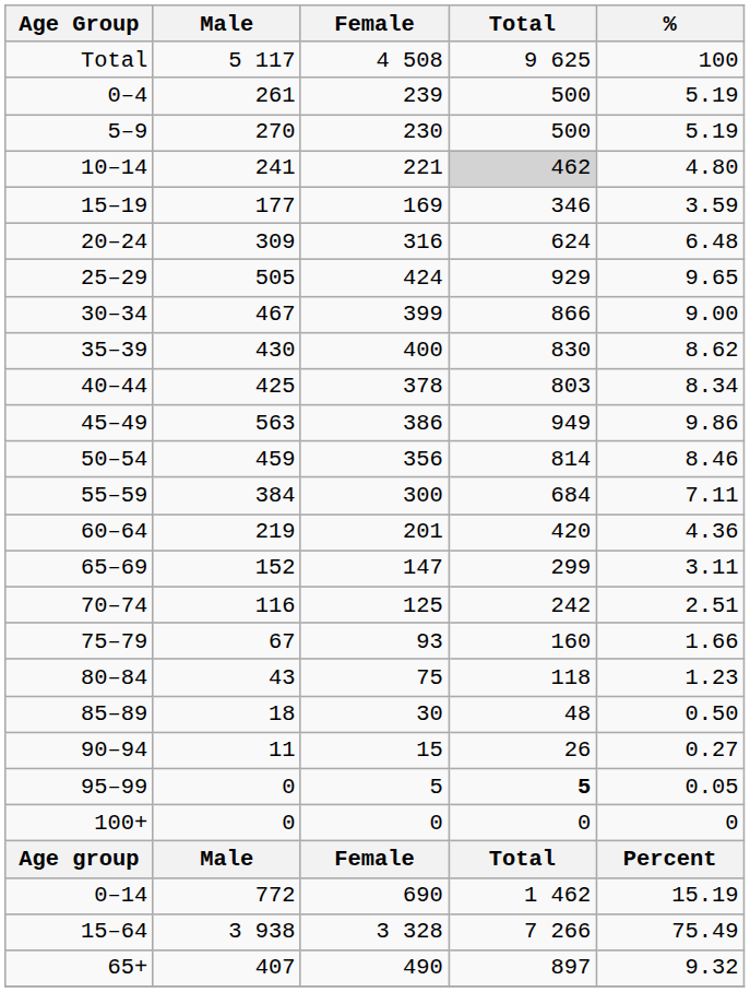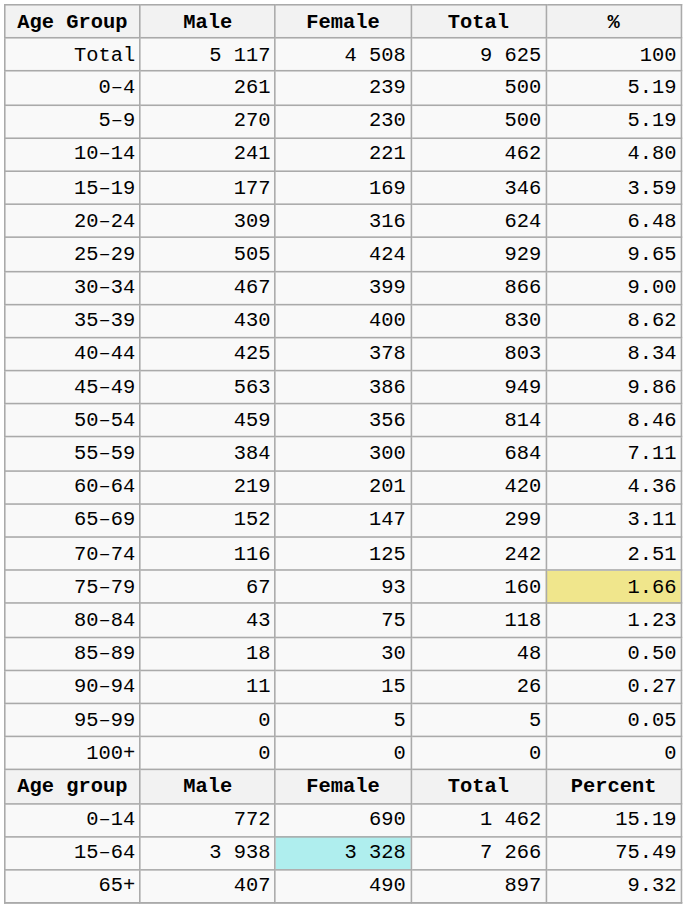 <table class="wikitable">
 <tr>
 <th width="80pt">Age Group</th>
 <th width="80pt">Male</th>
 <th width="80pt">Female</th>
 <th width="80pt">Total</th>
 <th width="80pt">%</th>
 </tr>
 <tr>
 <td align="right">Total</td>
 <td align="right">5 117</td>
 <td align="right">4 508</td>
 <td align="right">9 625</td>
 <td align="right">100</td>
 </tr>
 <tr>
 <td align="right">0–4</td>
 <td align="right">261</td>
 <td align="right">239</td>
 <td align="right">500</td>
 <td align="right">5.19</td>
 </tr>
 <tr>
 <td align="right">5–9</td>
 <td align="right">270</td>
 <td align="right">230</td>
 <td align="right">500</td>
 <td align="right">5.19</td>
 </tr>
 <tr>
 <td align="right">10–14</td>
 <td align="right">241</td>
 <td align="right">221</td>
-<td align="right" style="background: lightgrey;">462</td>
+<td align="right">462</td>
 <td align="right">4.80</td>
 </tr>
 <tr>
 <td align="right">15–19</td>
 <td align="right">177</td>
 <td align="right">169</td>
 <td align="right">346</td>
 <td align="right">3.59</td>
 </tr>
 <tr>
 <td align="right">20–24</td>
 <td align="right">309</td>
 <td align="right">316</td>
 <td align="right">624</td>
 <td align="right">6.48</td>
 </tr>
 <tr>
 <td align="right">25–29</td>
 <td align="right">505</td>
 <td align="right">424</td>
 <td align="right">929</td>
 <td align="right">9.65</td>
 </tr>
 <tr>
 <td align="right">30–34</td>
 <td align="right">467</td>
 <td align="right">399</td>
 <td align="right">866</td>
 <td align="right">9.00</td>
 </tr>
 <tr>
 <td align="right">35–39</td>
 <td align="right">430</td>
 <td align="right">400</td>
 <td align="right">830</td>
 <td align="right">8.62</td>
 </tr>
 <tr>
 <td align="right">40–44</td>
 <td align="right">425</td>
 <td align="right">378</td>
 <td align="right">803</td>
 <td align="right">8.34</td>
 </tr>
 <tr>
 <td align="right">45–49</td>
 <td align="right">563</td>
 <td align="right">386</td>
 <td align="right">949</td>
 <td align="right">9.86</td>
 </tr>
 <tr>
 <td align="right">50–54</td>
 <td align="right">459</td>
 <td align="right">356</td>
 <td align="right">814</td>
 <td align="right">8.46</td>
 </tr>
 <tr>
 <td align="right">55–59</td>
 <td align="right">384</td>
 <td align="right">300</td>
 <td align="right">684</td>
 <td align="right">7.11</td>
 </tr>
 <tr>
 <td align="right">60–64</td>
 <td align="right">219</td>
 <td align="right">201</td>
 <td align="right">420</td>
 <td align="right">4.36</td>
 </tr>
 <tr>
 <td align="right">65–69</td>
 <td align="right">152</td>
 <td align="right">147</td>
 <td align="right">299</td>
 <td align="right">3.11</td>
 </tr>
 <tr>
 <td align="right">70–74</td>
 <td align="right">116</td>
 <td align="right">125</td>
 <td align="right">242</td>
 <td align="right">2.51</td>
 </tr>
 <tr>
 <td align="right">75–79</td>
 <td align="right">67</td>
 <td align="right">93</td>
 <td align="right">160</td>
-<td align="right">1.66</td>
+<td align="right" style="background: khaki;">1.66</td>
 </tr>
 <tr>
 <td align="right">80–84</td>
 <td align="right">43</td>
 <td align="right">75</td>
 <td align="right">118</td>
 <td align="right">1.23</td>
 </tr>
 <tr>
 <td align="right">85–89</td>
 <td align="right">18</td>
 <td align="right">30</td>
 <td align="right">48</td>
 <td align="right">0.50</td>
 </tr>
 <tr>
 <td align="right">90–94</td>
 <td align="right">11</td>
 <td align="right">15</td>
 <td align="right">26</td>
 <td align="right">0.27</td>
 </tr>
 <tr>
 <td align="right">95–99</td>
 <td align="right">0</td>
 <td align="right">5</td>
-<td align="right"><strong>5</strong></td>
+<td align="right">5</td>
 <td align="right">0.05</td>
 </tr>
 <tr>
 <td align="right">100+</td>
 <td align="right">0</td>
 <td align="right">0</td>
 <td align="right">0</td>
 <td align="right">0</td>
 </tr>
 <tr>
 <th width="50">Age group</th>
 <th width="80pt">Male</th>
 <th width="80">Female</th>
 <th width="80">Total</th>
 <th width="50">Percent</th>
 </tr>
 <tr>
 <td align="right">0–14</td>
 <td align="right">772</td>
 <td align="right">690</td>
 <td align="right">1 462</td>
 <td align="right">15.19</td>
 </tr>
 <tr>
 <td align="right">15–64</td>
 <td align="right">3 938</td>
-<td align="right">3 328</td>
+<td align="right" style="background: paleturquoise;">3 328</td>
 <td align="right">7 266</td>
 <td align="right">75.49</td>
 </tr>
 <tr>
 <td align="right">65+</td>
 <td align="right">407</td>
 <td align="right">490</td>
 <td align="right">897</td>
 <td align="right">9.32</td>
 </tr>
 <tr>
 </tr>
 </table>
